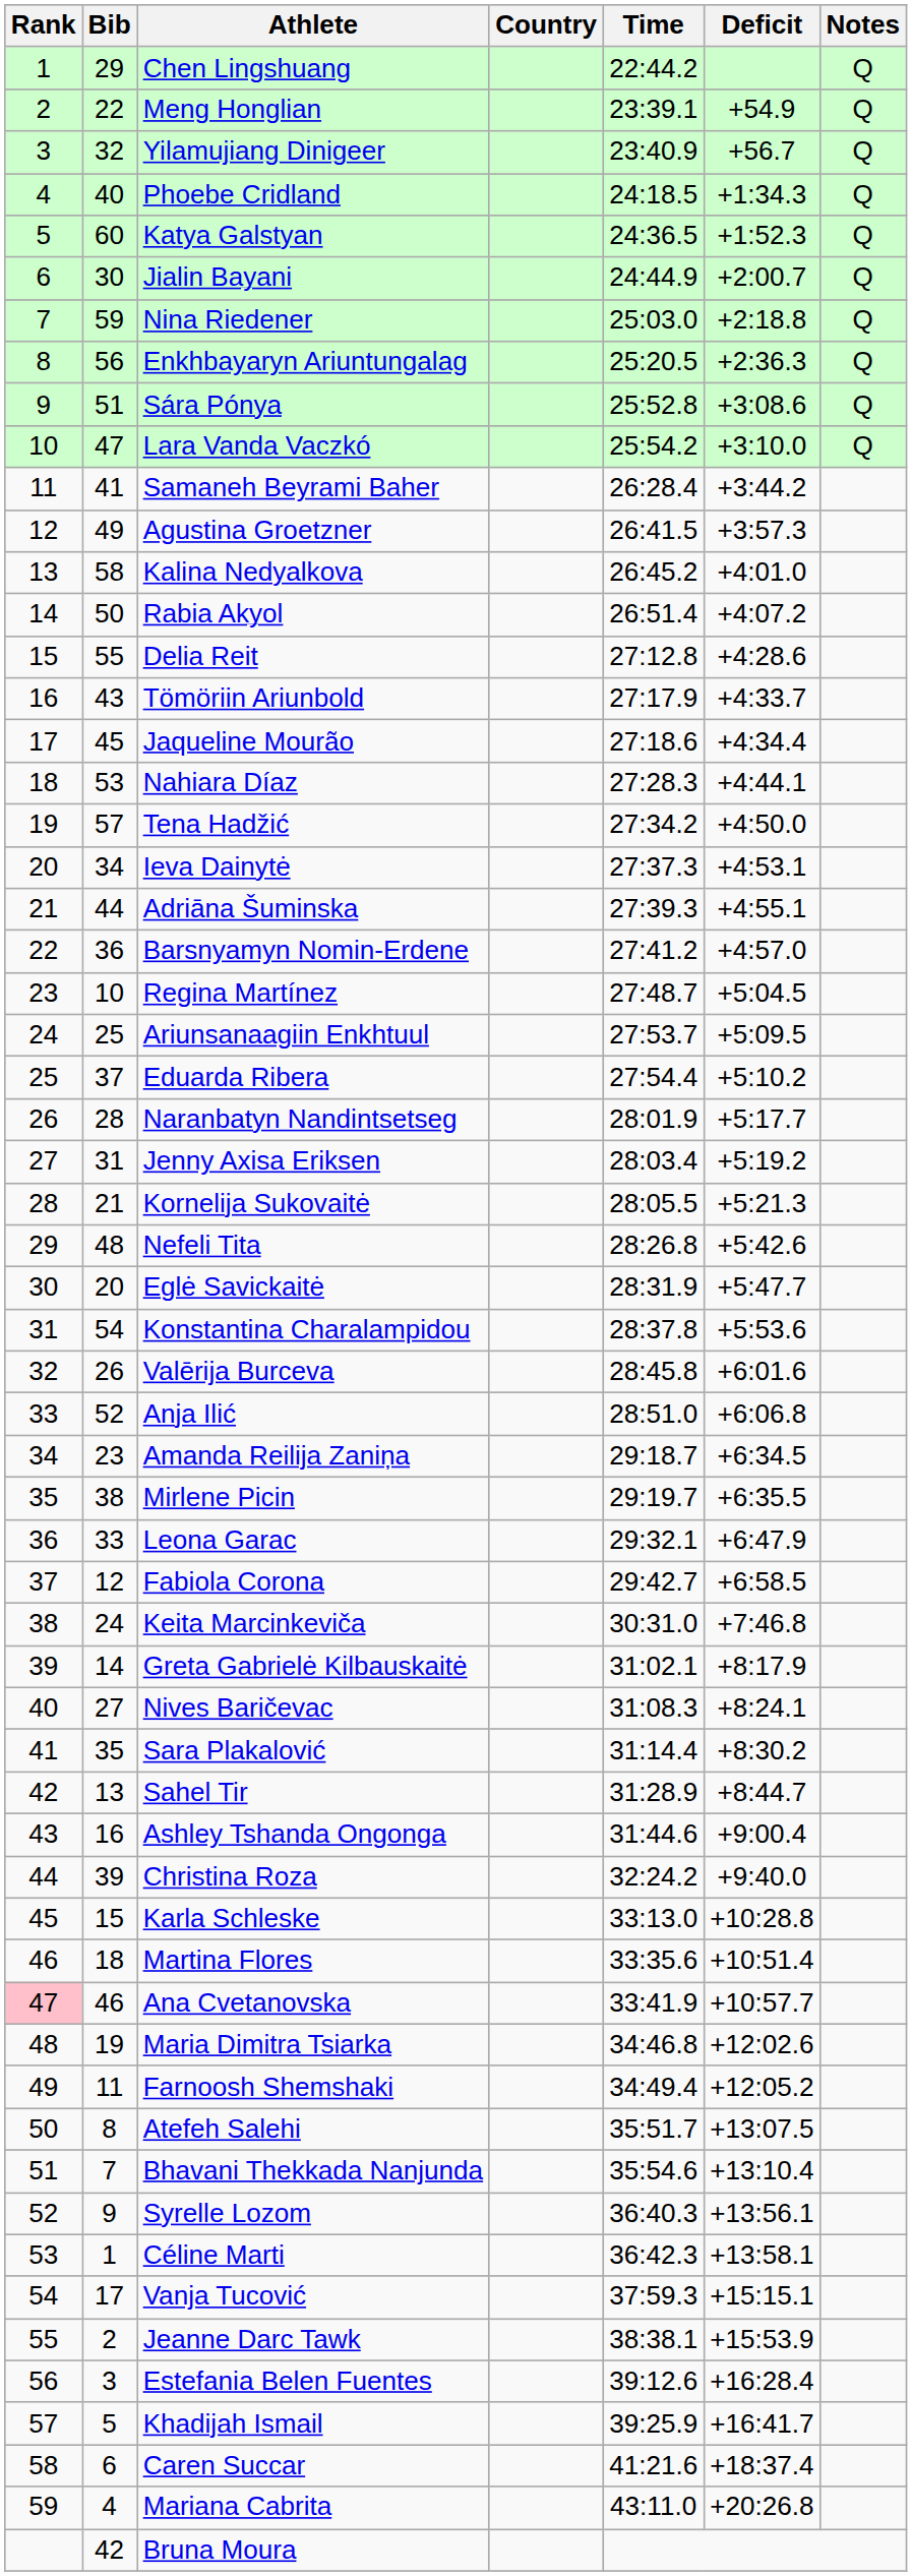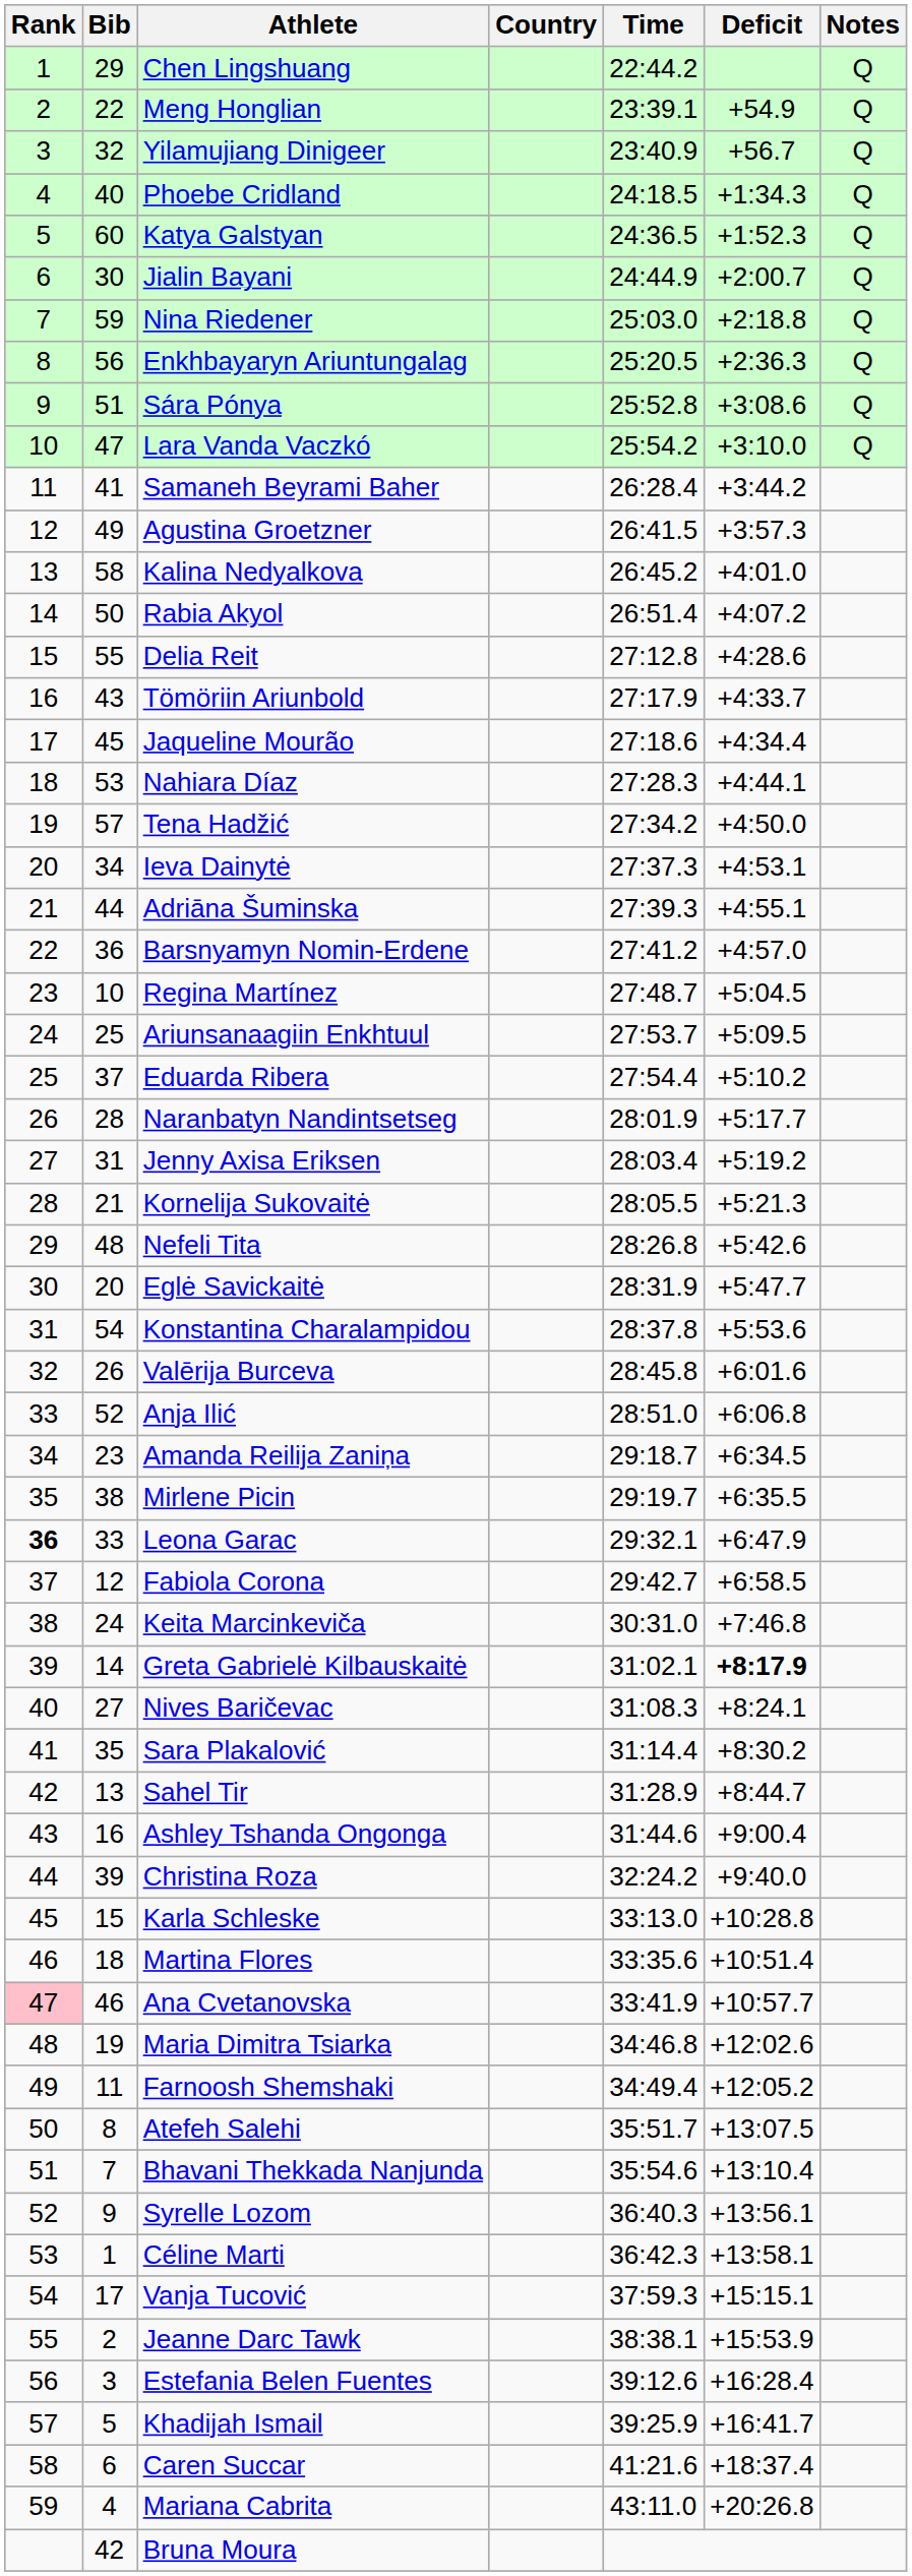 <table class="wikitable sortable" style="text-align:center">
 <tr>
 <th>Rank</th>
 <th>Bib</th>
 <th>Athlete</th>
 <th>Country</th>
 <th>Time</th>
 <th>Deficit</th>
 <th>Notes</th>
 </tr>
 <tr bgcolor=ccffcc>
 <td>1</td>
 <td>29</td>
 <td align=left><a href='#'>Chen Lingshuang</a></td>
 <td align=left></td>
 <td>22:44.2</td>
 <td></td>
 <td>Q</td>
 </tr>
 <tr bgcolor=ccffcc>
 <td>2</td>
 <td>22</td>
 <td align=left><a href='#'>Meng Honglian</a></td>
 <td align=left></td>
 <td>23:39.1</td>
 <td>+54.9</td>
 <td>Q</td>
 </tr>
 <tr bgcolor=ccffcc>
 <td>3</td>
 <td>32</td>
 <td align=left><a href='#'>Yilamujiang Dinigeer</a></td>
 <td align=left></td>
 <td>23:40.9</td>
 <td>+56.7</td>
 <td>Q</td>
 </tr>
 <tr bgcolor=ccffcc>
 <td>4</td>
 <td>40</td>
 <td align=left><a href='#'>Phoebe Cridland</a></td>
 <td align=left></td>
 <td>24:18.5</td>
 <td>+1:34.3</td>
 <td>Q</td>
 </tr>
 <tr bgcolor=ccffcc>
 <td>5</td>
 <td>60</td>
 <td align=left><a href='#'>Katya Galstyan</a></td>
 <td align=left></td>
 <td>24:36.5</td>
 <td>+1:52.3</td>
 <td>Q</td>
 </tr>
 <tr bgcolor=ccffcc>
 <td>6</td>
 <td>30</td>
 <td align=left><a href='#'>Jialin Bayani</a></td>
 <td align=left></td>
 <td>24:44.9</td>
 <td>+2:00.7</td>
 <td>Q</td>
 </tr>
 <tr bgcolor=ccffcc>
 <td>7</td>
 <td>59</td>
 <td align=left><a href='#'>Nina Riedener</a></td>
 <td align=left></td>
 <td>25:03.0</td>
 <td>+2:18.8</td>
 <td>Q</td>
 </tr>
 <tr bgcolor=ccffcc>
 <td>8</td>
 <td>56</td>
 <td align=left><a href='#'>Enkhbayaryn Ariuntungalag</a></td>
 <td align=left></td>
 <td>25:20.5</td>
 <td>+2:36.3</td>
 <td>Q</td>
 </tr>
 <tr bgcolor=ccffcc>
 <td>9</td>
 <td>51</td>
 <td align=left><a href='#'>Sára Pónya</a></td>
 <td align=left></td>
 <td>25:52.8</td>
 <td>+3:08.6</td>
 <td>Q</td>
 </tr>
 <tr bgcolor=ccffcc>
 <td>10</td>
 <td>47</td>
 <td align=left><a href='#'>Lara Vanda Vaczkó</a></td>
 <td align=left></td>
 <td>25:54.2</td>
 <td>+3:10.0</td>
 <td>Q</td>
 </tr>
 <tr>
 <td>11</td>
 <td>41</td>
 <td align=left><a href='#'>Samaneh Beyrami Baher</a></td>
 <td align=left></td>
 <td>26:28.4</td>
 <td>+3:44.2</td>
 <td></td>
 </tr>
 <tr>
 <td>12</td>
 <td>49</td>
 <td align=left><a href='#'>Agustina Groetzner</a></td>
 <td align=left></td>
 <td>26:41.5</td>
 <td>+3:57.3</td>
 <td></td>
 </tr>
 <tr>
 <td>13</td>
 <td>58</td>
 <td align=left><a href='#'>Kalina Nedyalkova</a></td>
 <td align=left></td>
 <td>26:45.2</td>
 <td>+4:01.0</td>
 <td></td>
 </tr>
 <tr>
 <td>14</td>
 <td>50</td>
 <td align=left><a href='#'>Rabia Akyol</a></td>
 <td align=left></td>
 <td>26:51.4</td>
 <td>+4:07.2</td>
 <td></td>
 </tr>
 <tr>
 <td>15</td>
 <td>55</td>
 <td align=left><a href='#'>Delia Reit</a></td>
 <td align=left></td>
 <td>27:12.8</td>
 <td>+4:28.6</td>
 <td></td>
 </tr>
 <tr>
 <td>16</td>
 <td>43</td>
 <td align=left><a href='#'>Tömöriin Ariunbold</a></td>
 <td align=left></td>
 <td>27:17.9</td>
 <td>+4:33.7</td>
 <td></td>
 </tr>
 <tr>
 <td>17</td>
 <td>45</td>
 <td align=left><a href='#'>Jaqueline Mourão</a></td>
 <td align=left></td>
 <td>27:18.6</td>
 <td>+4:34.4</td>
 <td></td>
 </tr>
 <tr>
 <td>18</td>
 <td>53</td>
 <td align=left><a href='#'>Nahiara Díaz</a></td>
 <td align=left></td>
 <td>27:28.3</td>
 <td>+4:44.1</td>
 <td></td>
 </tr>
 <tr>
 <td>19</td>
 <td>57</td>
 <td align=left><a href='#'>Tena Hadžić</a></td>
 <td align=left></td>
 <td>27:34.2</td>
 <td>+4:50.0</td>
 <td></td>
 </tr>
 <tr>
 <td>20</td>
 <td>34</td>
 <td align=left><a href='#'>Ieva Dainytė</a></td>
 <td align=left></td>
 <td>27:37.3</td>
 <td>+4:53.1</td>
 <td></td>
 </tr>
 <tr>
 <td>21</td>
 <td>44</td>
 <td align=left><a href='#'>Adriāna Šuminska</a></td>
 <td align=left></td>
 <td>27:39.3</td>
 <td>+4:55.1</td>
 <td></td>
 </tr>
 <tr>
 <td>22</td>
 <td>36</td>
 <td align=left><a href='#'>Barsnyamyn Nomin-Erdene</a></td>
 <td align=left></td>
 <td>27:41.2</td>
 <td>+4:57.0</td>
 <td></td>
 </tr>
 <tr>
 <td>23</td>
 <td>10</td>
 <td align=left><a href='#'>Regina Martínez</a></td>
 <td align=left></td>
 <td>27:48.7</td>
 <td>+5:04.5</td>
 <td></td>
 </tr>
 <tr>
 <td>24</td>
 <td>25</td>
 <td align=left><a href='#'>Ariunsanaagiin Enkhtuul</a></td>
 <td align=left></td>
 <td>27:53.7</td>
 <td>+5:09.5</td>
 <td></td>
 </tr>
 <tr>
 <td>25</td>
 <td>37</td>
 <td align=left><a href='#'>Eduarda Ribera</a></td>
 <td align=left></td>
 <td>27:54.4</td>
 <td>+5:10.2</td>
 <td></td>
 </tr>
 <tr>
 <td>26</td>
 <td>28</td>
 <td align=left><a href='#'>Naranbatyn Nandintsetseg</a></td>
 <td align=left></td>
 <td>28:01.9</td>
 <td>+5:17.7</td>
 <td></td>
 </tr>
 <tr>
 <td>27</td>
 <td>31</td>
 <td align=left><a href='#'>Jenny Axisa Eriksen</a></td>
 <td align=left></td>
 <td>28:03.4</td>
 <td>+5:19.2</td>
 <td></td>
 </tr>
 <tr>
 <td>28</td>
 <td>21</td>
 <td align=left><a href='#'>Kornelija Sukovaitė</a></td>
 <td align=left></td>
 <td>28:05.5</td>
 <td>+5:21.3</td>
 <td></td>
 </tr>
 <tr>
 <td>29</td>
 <td>48</td>
 <td align=left><a href='#'>Nefeli Tita</a></td>
 <td align=left></td>
 <td>28:26.8</td>
 <td>+5:42.6</td>
 <td></td>
 </tr>
 <tr>
 <td>30</td>
 <td>20</td>
 <td align=left><a href='#'>Eglė Savickaitė</a></td>
 <td align=left></td>
 <td>28:31.9</td>
 <td>+5:47.7</td>
 <td></td>
 </tr>
 <tr>
 <td>31</td>
 <td>54</td>
 <td align=left><a href='#'>Konstantina Charalampidou</a></td>
 <td align=left></td>
 <td>28:37.8</td>
 <td>+5:53.6</td>
 <td></td>
 </tr>
 <tr>
 <td>32</td>
 <td>26</td>
 <td align=left><a href='#'>Valērija Burceva</a></td>
 <td align=left></td>
 <td>28:45.8</td>
 <td>+6:01.6</td>
 <td></td>
 </tr>
 <tr>
 <td>33</td>
 <td>52</td>
 <td align=left><a href='#'>Anja Ilić</a></td>
 <td align=left></td>
 <td>28:51.0</td>
 <td>+6:06.8</td>
 <td></td>
 </tr>
 <tr>
 <td>34</td>
 <td>23</td>
 <td align=left><a href='#'>Amanda Reilija Zaniņa</a></td>
 <td align=left></td>
 <td>29:18.7</td>
 <td>+6:34.5</td>
 <td></td>
 </tr>
 <tr>
 <td>35</td>
 <td>38</td>
 <td align=left><a href='#'>Mirlene Picin</a></td>
 <td align=left></td>
 <td>29:19.7</td>
 <td>+6:35.5</td>
 <td></td>
 </tr>
 <tr>
-<td>36</td>
+<td><strong>36</strong></td>
 <td>33</td>
 <td align=left><a href='#'>Leona Garac</a></td>
 <td align=left></td>
 <td>29:32.1</td>
 <td>+6:47.9</td>
 <td></td>
 </tr>
 <tr>
 <td>37</td>
 <td>12</td>
 <td align=left><a href='#'>Fabiola Corona</a></td>
 <td align=left></td>
 <td>29:42.7</td>
 <td>+6:58.5</td>
 <td></td>
 </tr>
 <tr>
 <td>38</td>
 <td>24</td>
 <td align=left><a href='#'>Keita Marcinkeviča</a></td>
 <td align=left></td>
 <td>30:31.0</td>
 <td>+7:46.8</td>
 <td></td>
 </tr>
 <tr>
 <td>39</td>
 <td>14</td>
 <td align=left><a href='#'>Greta Gabrielė Kilbauskaitė</a></td>
 <td align=left></td>
 <td>31:02.1</td>
-<td>+8:17.9</td>
+<td><strong>+8:17.9</strong></td>
 <td></td>
 </tr>
 <tr>
 <td>40</td>
 <td>27</td>
 <td align=left><a href='#'>Nives Baričevac</a></td>
 <td align=left></td>
 <td>31:08.3</td>
 <td>+8:24.1</td>
 <td></td>
 </tr>
 <tr>
 <td>41</td>
 <td>35</td>
 <td align=left><a href='#'>Sara Plakalović</a></td>
 <td align=left></td>
 <td>31:14.4</td>
 <td>+8:30.2</td>
 <td></td>
 </tr>
 <tr>
 <td>42</td>
 <td>13</td>
 <td align=left><a href='#'>Sahel Tir</a></td>
 <td align=left></td>
 <td>31:28.9</td>
 <td>+8:44.7</td>
 <td></td>
 </tr>
 <tr>
 <td>43</td>
 <td>16</td>
 <td align=left><a href='#'>Ashley Tshanda Ongonga</a></td>
 <td align=left></td>
 <td>31:44.6</td>
 <td>+9:00.4</td>
 <td></td>
 </tr>
 <tr>
 <td>44</td>
 <td>39</td>
 <td align=left><a href='#'>Christina Roza</a></td>
 <td align=left></td>
 <td>32:24.2</td>
 <td>+9:40.0</td>
 <td></td>
 </tr>
 <tr>
 <td>45</td>
 <td>15</td>
 <td align=left><a href='#'>Karla Schleske</a></td>
 <td align=left></td>
 <td>33:13.0</td>
 <td>+10:28.8</td>
 <td></td>
 </tr>
 <tr>
 <td>46</td>
 <td>18</td>
 <td align=left><a href='#'>Martina Flores</a></td>
 <td align=left></td>
 <td>33:35.6</td>
 <td>+10:51.4</td>
 <td></td>
 </tr>
 <tr>
 <td style="background: pink;">47</td>
 <td>46</td>
 <td align=left><a href='#'>Ana Cvetanovska</a></td>
 <td align=left></td>
 <td>33:41.9</td>
 <td>+10:57.7</td>
 <td></td>
 </tr>
 <tr>
 <td>48</td>
 <td>19</td>
 <td align=left><a href='#'>Maria Dimitra Tsiarka</a></td>
 <td align=left></td>
 <td>34:46.8</td>
 <td>+12:02.6</td>
 <td></td>
 </tr>
 <tr>
 <td>49</td>
 <td>11</td>
 <td align=left><a href='#'>Farnoosh Shemshaki</a></td>
 <td align=left></td>
 <td>34:49.4</td>
 <td>+12:05.2</td>
 <td></td>
 </tr>
 <tr>
 <td>50</td>
 <td>8</td>
 <td align=left><a href='#'>Atefeh Salehi</a></td>
 <td align=left></td>
 <td>35:51.7</td>
 <td>+13:07.5</td>
 <td></td>
 </tr>
 <tr>
 <td>51</td>
 <td>7</td>
 <td align=left><a href='#'>Bhavani Thekkada Nanjunda</a></td>
 <td align=left></td>
 <td>35:54.6</td>
 <td>+13:10.4</td>
 <td></td>
 </tr>
 <tr>
 <td>52</td>
 <td>9</td>
 <td align=left><a href='#'>Syrelle Lozom</a></td>
 <td align=left></td>
 <td>36:40.3</td>
 <td>+13:56.1</td>
 <td></td>
 </tr>
 <tr>
 <td>53</td>
 <td>1</td>
 <td align=left><a href='#'>Céline Marti</a></td>
 <td align=left></td>
 <td>36:42.3</td>
 <td>+13:58.1</td>
 <td></td>
 </tr>
 <tr>
 <td>54</td>
 <td>17</td>
 <td align=left><a href='#'>Vanja Tucović</a></td>
 <td align=left></td>
 <td>37:59.3</td>
 <td>+15:15.1</td>
 <td></td>
 </tr>
 <tr>
 <td>55</td>
 <td>2</td>
 <td align=left><a href='#'>Jeanne Darc Tawk</a></td>
 <td align=left></td>
 <td>38:38.1</td>
 <td>+15:53.9</td>
 <td></td>
 </tr>
 <tr>
 <td>56</td>
 <td>3</td>
 <td align=left><a href='#'>Estefania Belen Fuentes</a></td>
 <td align=left></td>
 <td>39:12.6</td>
 <td>+16:28.4</td>
 <td></td>
 </tr>
 <tr>
 <td>57</td>
 <td>5</td>
 <td align=left><a href='#'>Khadijah Ismail</a></td>
 <td align=left></td>
 <td>39:25.9</td>
 <td>+16:41.7</td>
 <td></td>
 </tr>
 <tr>
 <td>58</td>
 <td>6</td>
 <td align=left><a href='#'>Caren Succar</a></td>
 <td align=left></td>
 <td>41:21.6</td>
 <td>+18:37.4</td>
 <td></td>
 </tr>
 <tr>
 <td>59</td>
 <td>4</td>
 <td align=left><a href='#'>Mariana Cabrita</a></td>
 <td align=left></td>
 <td>43:11.0</td>
 <td>+20:26.8</td>
 <td></td>
 </tr>
 <tr>
 <td></td>
 <td>42</td>
 <td align=left><a href='#'>Bruna Moura</a></td>
 <td align=left></td>
 <td colspan=3></td>
 </tr>
 </table>
